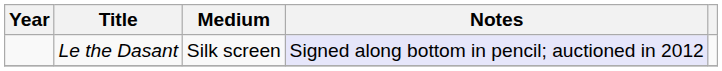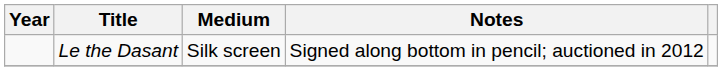 <table class="wikitable sortable">
 <tr>
 <th>Year</th>
 <th>Title</th>
 <th>Medium</th>
 <th>Notes</th>
 <th class="unsortable"></th>
 </tr>
 <tr>
 <td></td>
 <td><em>Le the Dasant</em></td>
 <td>Silk screen</td>
-<td style="background: lavender;">Signed along bottom in pencil; auctioned in 2012</td>
+<td>Signed along bottom in pencil; auctioned in 2012</td>
 <td align="center"></td>
 </tr>
 <tr>
 </tr>
 </table>
